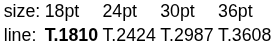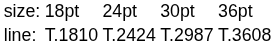 <table style="margin-left:40px;">
 <tr>
 <td>size:</td>
 <td>18pt</td>
 <td>24pt</td>
 <td>30pt</td>
 <td>36pt</td>
 </tr>
 <tr>
 <td>line:</td>
-<td><strong>T.1810</strong></td>
+<td>T.1810</td>
 <td>T.2424</td>
 <td>T.2987</td>
 <td>T.3608</td>
 </tr>
 </table>
